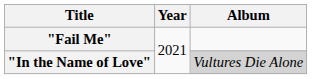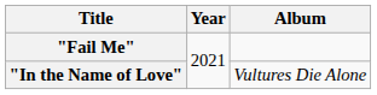 <table class="wikitable plainrowheaders" style="text-align:center;" border="1">
 <tr>
 <th>Title</th>
 <th>Year</th>
 <th>Album</th>
 </tr>
 <tr>
 <th scope="row">"Fail Me"<br></th>
 <td rowspan="2">2021</td>
 <td></td>
 </tr>
 <tr>
 <th scope="row">"In the Name of Love"<br></th>
-<td style="background: lightgrey;"><em>Vultures Die Alone</em></td>
+<td><em>Vultures Die Alone</em></td>
 </tr>
 </table>
